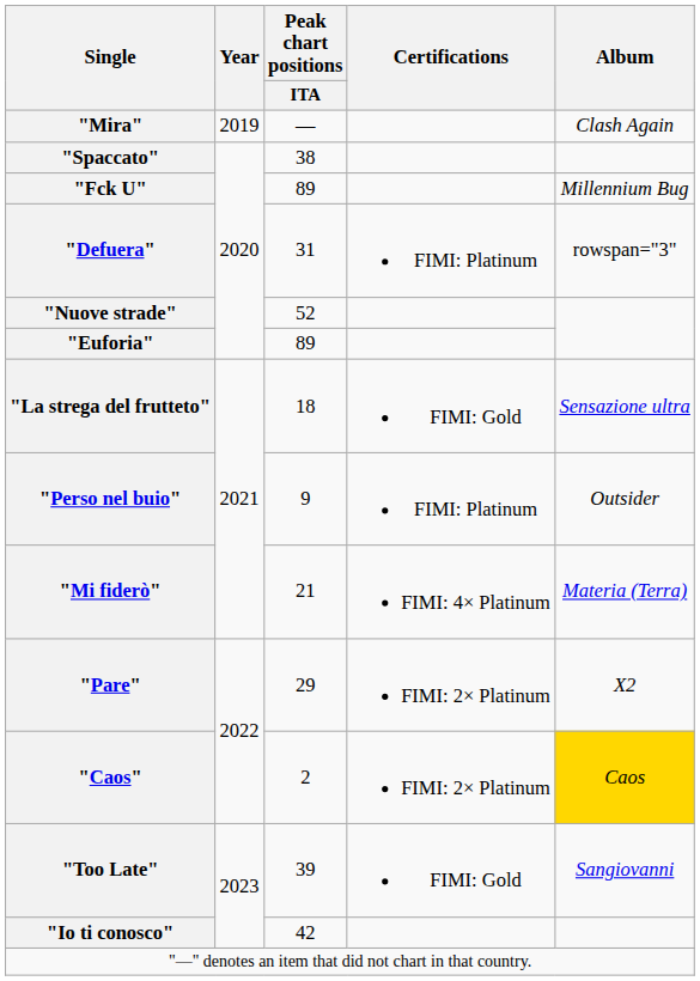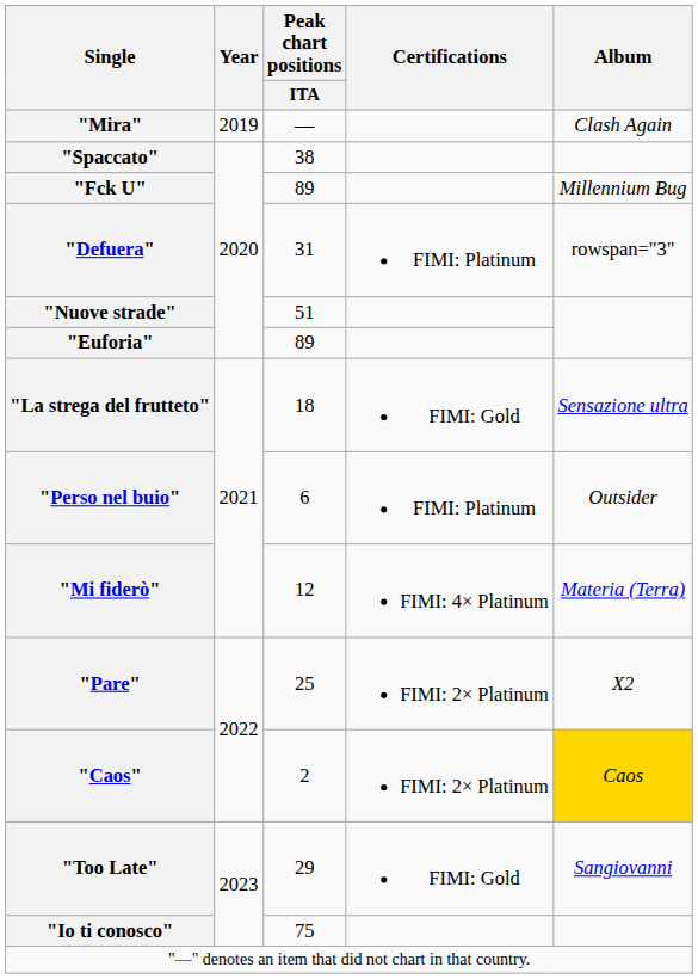 <table class="wikitable plainrowheaders" style="text-align:center;">
 <tr>
 <th scope="col" rowspan="2">Single</th>
 <th scope="col" rowspan="2">Year</th>
 <th scope="col" colspan="1">Peak chart positions</th>
 <th scope="col" rowspan="2">Certifications</th>
 <th scope="col" rowspan="2">Album</th>
 </tr>
 <tr>
 <th scope="col" style="width:3em;font-size:90%;">ITA<br></th>
 </tr>
 <tr>
 <th scope="row">"Mira"<br></th>
 <td>2019</td>
 <td>—</td>
 <td></td>
 <td><em>Clash Again</em></td>
 </tr>
 <tr>
 <th scope="row">"Spaccato"<br></th>
 <td rowspan="5">2020</td>
 <td>38</td>
 <td></td>
 <td></td>
 </tr>
 <tr>
 <th scope="row">"Fck U"<br></th>
 <td>89</td>
 <td></td>
 <td><em>Millennium Bug</em></td>
 </tr>
 <tr>
 <th scope="row">"<a href='#'>Defuera</a>"<br></th>
 <td>31</td>
 <td><br><ul><li>FIMI: Platinum</li></ul></td>
 <td>rowspan="3" </td>
 </tr>
 <tr>
 <th scope="row">"Nuove strade"<br></th>
-<td>52</td>
+<td>51</td>
 <td></td>
 </tr>
 <tr>
 <th scope="row">"Euforia"<br></th>
 <td>89</td>
 <td></td>
 </tr>
 <tr>
 <th scope="row">"La strega del frutteto"<br></th>
 <td rowspan="3">2021</td>
 <td>18</td>
 <td><br><ul><li>FIMI: Gold</li></ul></td>
 <td><em><a href='#'>Sensazione ultra</a></em></td>
 </tr>
 <tr>
 <th scope="row">"<a href='#'>Perso nel buio</a>"<br></th>
-<td>9</td>
+<td>6</td>
 <td><br><ul><li>FIMI: Platinum</li></ul></td>
 <td><em>Outsider</em></td>
 </tr>
 <tr>
 <th scope="row">"<a href='#'>Mi fiderò</a>" <br></th>
-<td>21</td>
+<td>12</td>
 <td><br><ul><li>FIMI: 4× Platinum</li></ul></td>
 <td><em><a href='#'>Materia (Terra)</a></em></td>
 </tr>
 <tr>
 <th scope="row">"<a href='#'>Pare</a>" <br></th>
 <td rowspan="2">2022</td>
-<td>29</td>
+<td>25</td>
 <td><br><ul><li>FIMI: 2× Platinum</li></ul></td>
 <td><em>X2</em></td>
 </tr>
 <tr>
 <th scope="row">"<a href='#'>Caos</a>" <br></th>
 <td>2</td>
 <td><br><ul><li>FIMI: 2× Platinum</li></ul></td>
 <td style="background: gold;"><em>Caos</em></td>
 </tr>
 <tr>
 <th scope="row">"Too Late" <br></th>
 <td rowspan="2">2023</td>
-<td>39</td>
+<td>29</td>
 <td><br><ul><li>FIMI: Gold</li></ul></td>
 <td><em><a href='#'>Sangiovanni</a></em></td>
 </tr>
 <tr>
 <th scope="row">"Io ti conosco" <br></th>
-<td>42</td>
+<td>75</td>
 <td></td>
 <td></td>
 </tr>
 <tr>
 <td colspan="5" style="text-align:center; font-size:85%;">"—" denotes an item that did not chart in that country.</td>
 </tr>
 </table>
